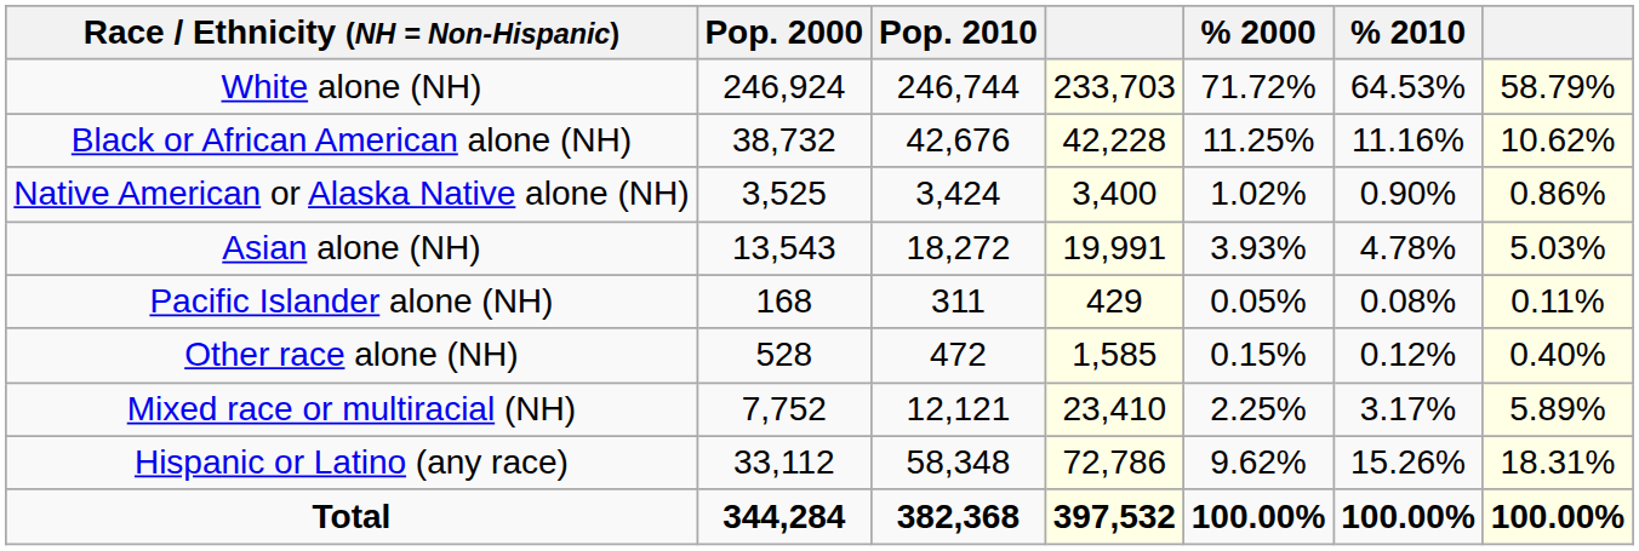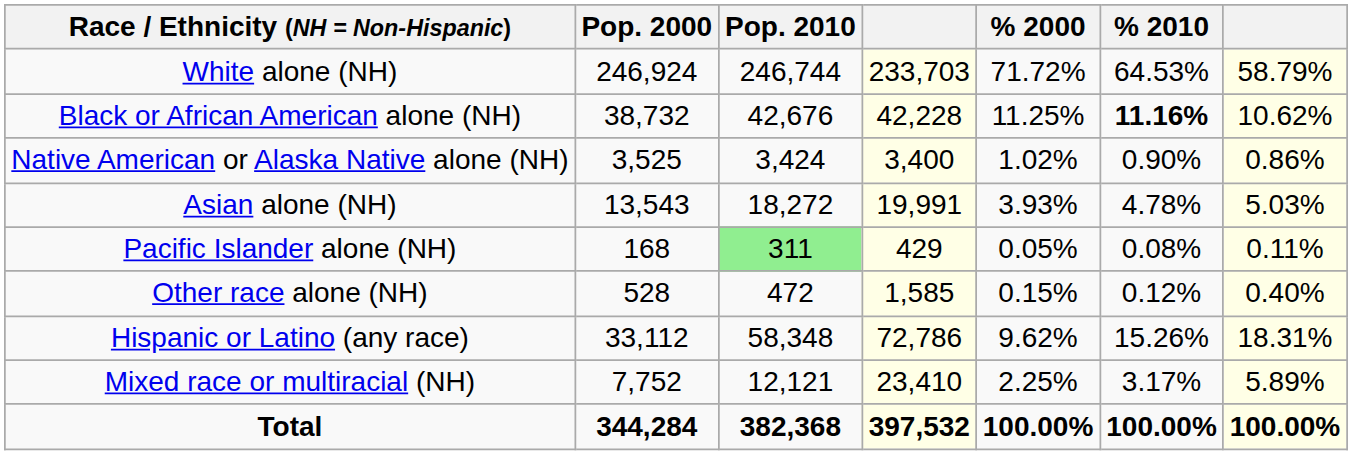 <table class="wikitable" style="text-align:center;">
 <tr>
 <th>Race / Ethnicity <small>(<em>NH = Non-Hispanic</em>)</small></th>
 <th>Pop. 2000</th>
 <th>Pop. 2010</th>
 <th></th>
 <th>% 2000</th>
 <th>% 2010</th>
 <th></th>
 </tr>
 <tr>
 <td><a href='#'>White</a> alone (NH)</td>
 <td>246,924</td>
 <td>246,744</td>
 <td style='background: #ffffe6;'>233,703</td>
 <td>71.72%</td>
 <td>64.53%</td>
 <td style='background: #ffffe6;'>58.79%</td>
 </tr>
 <tr>
 <td><a href='#'>Black or African American</a> alone (NH)</td>
 <td>38,732</td>
 <td>42,676</td>
 <td style='background: #ffffe6;'>42,228</td>
 <td>11.25%</td>
-<td>11.16%</td>
+<td><strong>11.16%</strong></td>
 <td style='background: #ffffe6;'>10.62%</td>
 </tr>
 <tr>
 <td><a href='#'>Native American</a> or <a href='#'>Alaska Native</a> alone (NH)</td>
 <td>3,525</td>
 <td>3,424</td>
 <td style='background: #ffffe6;'>3,400</td>
 <td>1.02%</td>
 <td>0.90%</td>
 <td style='background: #ffffe6;'>0.86%</td>
 </tr>
 <tr>
 <td><a href='#'>Asian</a> alone (NH)</td>
 <td>13,543</td>
 <td>18,272</td>
 <td style='background: #ffffe6;'>19,991</td>
 <td>3.93%</td>
 <td>4.78%</td>
 <td style='background: #ffffe6;'>5.03%</td>
 </tr>
 <tr>
 <td><a href='#'>Pacific Islander</a> alone (NH)</td>
 <td>168</td>
-<td>311</td>
+<td style="background: lightgreen;">311</td>
 <td style='background: #ffffe6;'>429</td>
 <td>0.05%</td>
 <td>0.08%</td>
 <td style='background: #ffffe6;'>0.11%</td>
 </tr>
 <tr>
 <td><a href='#'>Other race</a> alone (NH)</td>
 <td>528</td>
 <td>472</td>
 <td style='background: #ffffe6;'>1,585</td>
 <td>0.15%</td>
 <td>0.12%</td>
 <td style='background: #ffffe6;'>0.40%</td>
 </tr>
 <tr>
+<td><a href='#'>Hispanic or Latino</a> (any race)</td>
+<td>33,112</td>
+<td>58,348</td>
+<td style='background: #ffffe6;'>72,786</td>
+<td>9.62%</td>
+<td>15.26%</td>
+<td style='background: #ffffe6;'>18.31%</td>
+</tr>
+<tr>
 <td><a href='#'>Mixed race or multiracial</a> (NH)</td>
 <td>7,752</td>
 <td>12,121</td>
 <td style='background: #ffffe6;'>23,410</td>
 <td>2.25%</td>
 <td>3.17%</td>
 <td style='background: #ffffe6;'>5.89%</td>
-</tr>
-<tr>
-<td><a href='#'>Hispanic or Latino</a> (any race)</td>
-<td>33,112</td>
-<td>58,348</td>
-<td style='background: #ffffe6;'>72,786</td>
-<td>9.62%</td>
-<td>15.26%</td>
-<td style='background: #ffffe6;'>18.31%</td>
 </tr>
 <tr>
 <td><strong>Total</strong></td>
 <td><strong>344,284</strong></td>
 <td><strong>382,368</strong></td>
 <td style='background: #ffffe6;'><strong>397,532</strong></td>
 <td><strong>100.00%</strong></td>
 <td><strong>100.00%</strong></td>
 <td style='background: #ffffe6;'><strong>100.00%</strong></td>
 </tr>
 </table>
